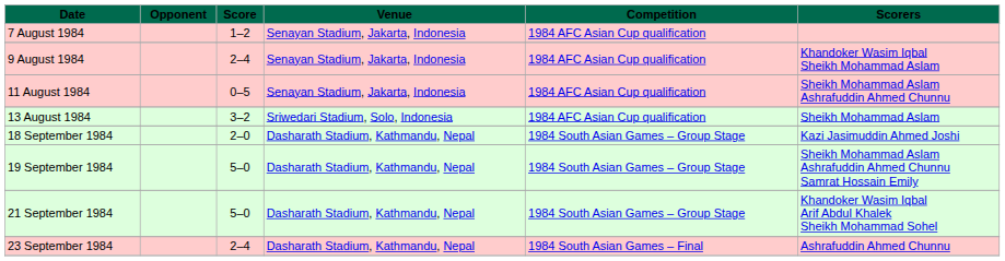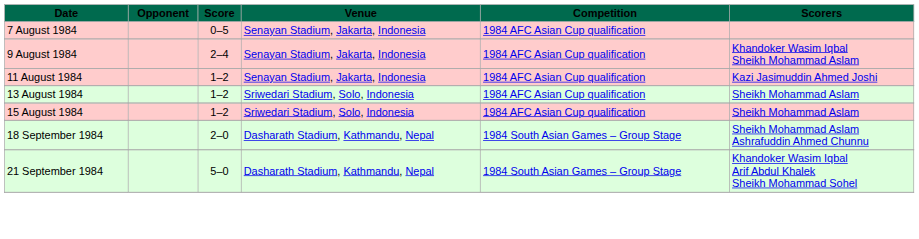 <table class="wikitable" width=100% style="text-align:left;font-size:95%;">
 <tr>
 <th style="background:#006a4e;"><span>Date</span></th>
 <th style="background:#006a4e;"><span>Opponent</span></th>
 <th style="background:#006a4e;"><span>Score</span></th>
 <th style="background:#006a4e;"><span>Venue</span></th>
 <th style="background:#006a4e;"><span>Competition</span></th>
 <th style="background:#006a4e;"><span>Scorers</span></th>
 </tr>
 <tr>
 </tr>
 <tr style="background:#fcc;">
 <td>7 August 1984</td>
 <td></td>
-<td style="text-align: center">1–2</td>
+<td style="text-align: center">0–5</td>
 <td> <a href='#'>Senayan Stadium</a>, <a href='#'>Jakarta</a>, <a href='#'>Indonesia</a></td>
 <td><a href='#'>1984 AFC Asian Cup qualification</a></td>
 <td></td>
 </tr>
 <tr>
 </tr>
 <tr style="background:#fcc;">
 <td>9 August 1984</td>
 <td></td>
 <td style="text-align: center">2–4</td>
 <td> <a href='#'>Senayan Stadium</a>, <a href='#'>Jakarta</a>, <a href='#'>Indonesia</a></td>
 <td><a href='#'>1984 AFC Asian Cup qualification</a></td>
 <td><a href='#'>Khandoker Wasim Iqbal</a>  <br> <a href='#'>Sheikh Mohammad Aslam</a> </td>
 </tr>
 <tr>
 </tr>
 <tr style="background:#fcc;">
 <td>11 August 1984</td>
 <td></td>
-<td style="text-align: center">0–5</td>
+<td style="text-align: center">1–2</td>
 <td> <a href='#'>Senayan Stadium</a>, <a href='#'>Jakarta</a>, <a href='#'>Indonesia</a></td>
 <td><a href='#'>1984 AFC Asian Cup qualification</a></td>
-<td><a href='#'>Sheikh Mohammad Aslam</a>  <br> <a href='#'>Ashrafuddin Ahmed Chunnu</a> </td>
+<td><a href='#'>Kazi Jasimuddin Ahmed Joshi</a> </td>
 </tr>
 <tr>
 </tr>
 <tr style="background:#dfd;">
 <td>13 August 1984</td>
 <td></td>
-<td style="text-align: center">3–2</td>
+<td style="text-align: center">1–2</td>
 <td> <a href='#'>Sriwedari Stadium</a>, <a href='#'>Solo</a>, <a href='#'>Indonesia</a></td>
 <td><a href='#'>1984 AFC Asian Cup qualification</a></td>
 <td><a href='#'>Sheikh Mohammad Aslam</a> </td>
 </tr>
 <tr>
+</tr>
+<tr style="background:#fcc;">
+<td>15 August 1984</td>
+<td></td>
+<td style="text-align: center">1–2</td>
+<td> <a href='#'>Sriwedari Stadium</a>, <a href='#'>Solo</a>, <a href='#'>Indonesia</a></td>
+<td><a href='#'>1984 AFC Asian Cup qualification</a></td>
+<td><a href='#'>Sheikh Mohammad Aslam</a> </td>
 </tr>
 <tr>
 </tr>
 <tr style="background:#dfd;">
 <td>18 September 1984</td>
 <td></td>
 <td style="text-align: center">2–0</td>
 <td> <a href='#'>Dasharath Stadium</a>, <a href='#'>Kathmandu</a>, <a href='#'>Nepal</a></td>
 <td><a href='#'>1984 South Asian Games – Group Stage</a></td>
-<td><a href='#'>Kazi Jasimuddin Ahmed Joshi</a> </td>
+<td><a href='#'>Sheikh Mohammad Aslam</a>  <br> <a href='#'>Ashrafuddin Ahmed Chunnu</a> </td>
 </tr>
 <tr>
-</tr>
-<tr style="background:#dfd;">
-<td>19 September 1984</td>
-<td></td>
-<td style="text-align: center">5–0</td>
-<td> <a href='#'>Dasharath Stadium</a>, <a href='#'>Kathmandu</a>, <a href='#'>Nepal</a></td>
-<td><a href='#'>1984 South Asian Games – Group Stage</a></td>
-<td><a href='#'>Sheikh Mohammad Aslam</a>  <br> <a href='#'>Ashrafuddin Ahmed Chunnu</a>  <br> <a href='#'>Samrat Hossain Emily</a> </td>
 </tr>
 <tr>
 </tr>
 <tr style="background:#dfd;">
 <td>21 September 1984</td>
 <td></td>
 <td style="text-align: center">5–0</td>
 <td> <a href='#'>Dasharath Stadium</a>, <a href='#'>Kathmandu</a>, <a href='#'>Nepal</a></td>
 <td><a href='#'>1984 South Asian Games – Group Stage</a></td>
 <td><a href='#'>Khandoker Wasim Iqbal</a>  <br> <a href='#'>Arif Abdul Khalek</a>  <br> <a href='#'>Sheikh Mohammad Sohel</a> </td>
 </tr>
 <tr>
 </tr>
-<tr style="background:#fcc;">
-<td>23 September 1984</td>
-<td></td>
-<td style="text-align: center">2–4</td>
-<td> <a href='#'>Dasharath Stadium</a>, <a href='#'>Kathmandu</a>, <a href='#'>Nepal</a></td>
-<td><a href='#'>1984 South Asian Games – Final</a></td>
-<td><a href='#'>Ashrafuddin Ahmed Chunnu</a> </td>
-</tr>
 <tr>
 </tr>
 </table>
